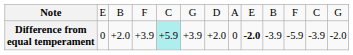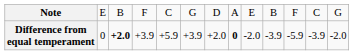 <table class="wikitable" style="margin:2.5em auto; text-align:center">
 <tr>
 <th>Note</th>
 <td>E</td>
 <td>B</td>
 <td>F</td>
 <td>C</td>
 <td>G</td>
 <td>D</td>
 <td>A</td>
 <td>E</td>
 <td>B</td>
 <td>F</td>
 <td>C</td>
 <td>G</td>
 </tr>
 <tr>
 <th>Difference from<br>equal temperament</th>
 <td>0</td>
-<td>+2.0</td>
+<td><strong>+2.0</strong></td>
 <td>+3.9</td>
-<td style="background: paleturquoise;">+5.9</td>
+<td>+5.9</td>
 <td>+3.9</td>
 <td>+2.0</td>
-<td>0</td>
-<td><strong>-2.0</strong></td>
+<td><strong>0</strong></td>
+<td>-2.0</td>
 <td>-3.9</td>
 <td>-5.9</td>
 <td>-3.9</td>
 <td>-2.0</td>
 </tr>
 </table>
